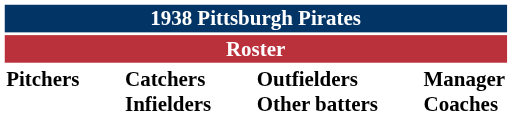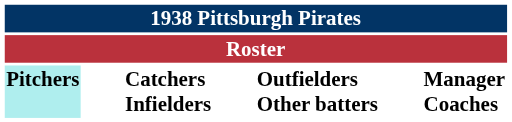 <table class="toccolours" style="font-size: 95%;">
 <tr>
 <th colspan="10" style="background-color: #023465; color: white; text-align: center;">1938 Pittsburgh Pirates</th>
 </tr>
 <tr>
 <td colspan="10" style="background-color: #ba313c; color: white; text-align: center;"><strong>Roster</strong></td>
 </tr>
 <tr>
-<td valign="top"><strong>Pitchers</strong><br>          </td>
+<td valign="top" style="background: paleturquoise;"><strong>Pitchers</strong><br>          </td>
 <td width="25px"></td>
 <td valign="top"><strong>Catchers</strong><br>  <strong>Infielders</strong>      </td>
 <td width="25px"></td>
 <td valign="top"><strong>Outfielders</strong><br>     <strong>Other batters</strong> </td>
 <td width="25px"></td>
 <td valign="top"><strong>Manager</strong><br> <strong>Coaches</strong>   </td>
 </tr>
 </table>
